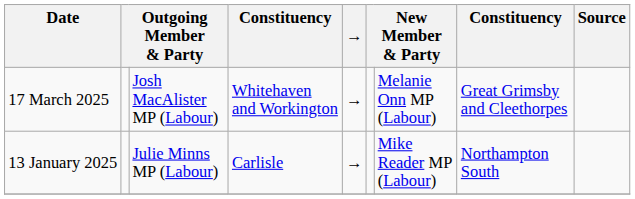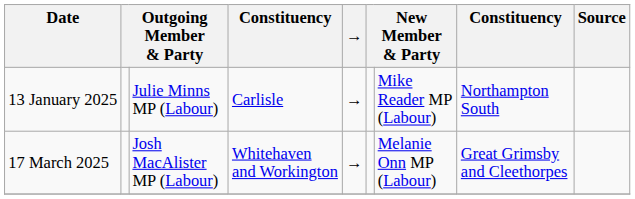 <table class="wikitable">
 <tr>
 <th valign="top">Date</th>
 <th colspan="2" valign="top">Outgoing Member<br>& Party</th>
 <th valign="top">Constituency</th>
 <th>→</th>
 <th colspan="2" valign="top">New Member<br>& Party</th>
 <th valign="top">Constituency</th>
 <th valign="top">Source</th>
+</tr>
+<tr>
+<td nowrap>13 January 2025</td>
+<td style="color:inherit;background:"></td>
+<td><a href='#'>Julie Minns</a> MP (<a href='#'>Labour</a>)</td>
+<td><a href='#'>Carlisle</a></td>
+<td>→</td>
+<td style="color:inherit;background:"></td>
+<td><a href='#'>Mike Reader</a> MP (<a href='#'>Labour</a>)</td>
+<td><a href='#'>Northampton South</a></td>
+<td></td>
 </tr>
 <tr>
 <td nowrap>17 March 2025</td>
 <td style="color:inherit;background:"></td>
 <td><a href='#'>Josh MacAlister</a> MP (<a href='#'>Labour</a>)</td>
 <td><a href='#'>Whitehaven and Workington</a></td>
 <td>→</td>
 <td style="color:inherit;background:"></td>
 <td><a href='#'>Melanie Onn</a> MP (<a href='#'>Labour</a>)</td>
 <td><a href='#'>Great Grimsby and Cleethorpes</a></td>
 <td></td>
 </tr>
 <tr>
-<td nowrap>13 January 2025</td>
-<td style="color:inherit;background:"></td>
-<td><a href='#'>Julie Minns</a> MP (<a href='#'>Labour</a>)</td>
-<td><a href='#'>Carlisle</a></td>
-<td>→</td>
-<td style="color:inherit;background:"></td>
-<td><a href='#'>Mike Reader</a> MP (<a href='#'>Labour</a>)</td>
-<td><a href='#'>Northampton South</a></td>
-<td></td>
-</tr>
-<tr>
 </tr>
 </table>
